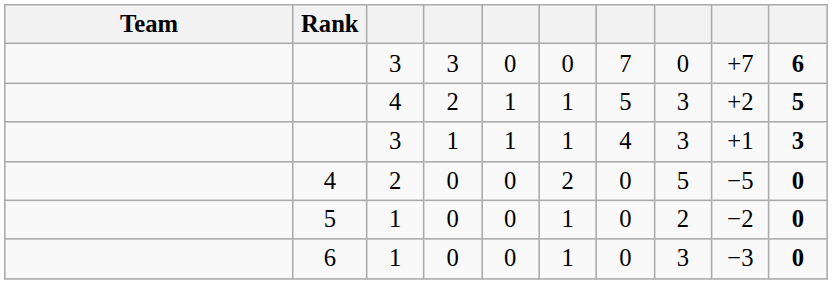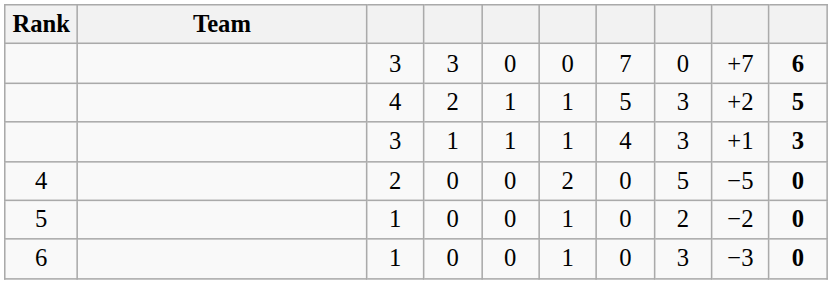 <table class="wikitable" style="text-align: center;">
 <tr>
+<th width=40>Rank</th>
 <th width=180>Team</th>
-<th width=40>Rank</th>
 <th width=30></th>
 <th width=30></th>
 <th width=30></th>
 <th width=30></th>
 <th width=30></th>
 <th width=30></th>
 <th width=30></th>
 <th width=30></th>
 </tr>
 <tr>
+<td></td>
 <td align=left></td>
-<td></td>
 <td>3</td>
 <td>3</td>
 <td>0</td>
 <td>0</td>
 <td>7</td>
 <td>0</td>
 <td>+7</td>
 <td><strong>6</strong></td>
 </tr>
 <tr>
+<td></td>
 <td align=left></td>
-<td></td>
 <td>4</td>
 <td>2</td>
 <td>1</td>
 <td>1</td>
 <td>5</td>
 <td>3</td>
 <td>+2</td>
 <td><strong>5</strong></td>
 </tr>
 <tr>
+<td></td>
 <td align=left></td>
-<td></td>
 <td>3</td>
 <td>1</td>
 <td>1</td>
 <td>1</td>
 <td>4</td>
 <td>3</td>
 <td>+1</td>
 <td><strong>3</strong></td>
 </tr>
 <tr>
+<td>4</td>
 <td align=left></td>
-<td>4</td>
 <td>2</td>
 <td>0</td>
 <td>0</td>
 <td>2</td>
 <td>0</td>
 <td>5</td>
 <td>−5</td>
 <td><strong>0</strong></td>
 </tr>
 <tr>
+<td>5</td>
 <td align=left></td>
-<td>5</td>
 <td>1</td>
 <td>0</td>
 <td>0</td>
 <td>1</td>
 <td>0</td>
 <td>2</td>
 <td>−2</td>
 <td><strong>0</strong></td>
 </tr>
 <tr>
+<td>6</td>
 <td align=left></td>
-<td>6</td>
 <td>1</td>
 <td>0</td>
 <td>0</td>
 <td>1</td>
 <td>0</td>
 <td>3</td>
 <td>−3</td>
 <td><strong>0</strong></td>
 </tr>
 </table>
